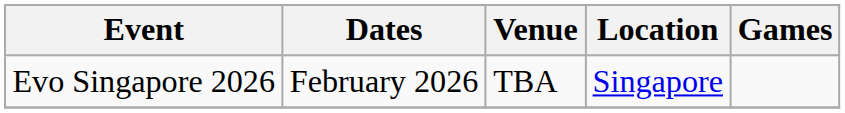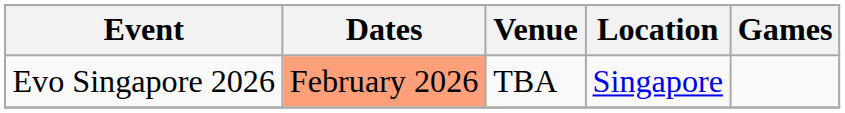 <table class="wikitable sortable">
 <tr>
 <th>Event</th>
 <th>Dates</th>
 <th>Venue</th>
 <th>Location</th>
 <th>Games</th>
 </tr>
 <tr>
 <td>Evo Singapore 2026</td>
-<td>February 2026</td>
+<td style="background: lightsalmon;">February 2026</td>
 <td>TBA</td>
 <td><a href='#'>Singapore</a></td>
 <td></td>
 </tr>
 <tr>
 </tr>
 </table>
